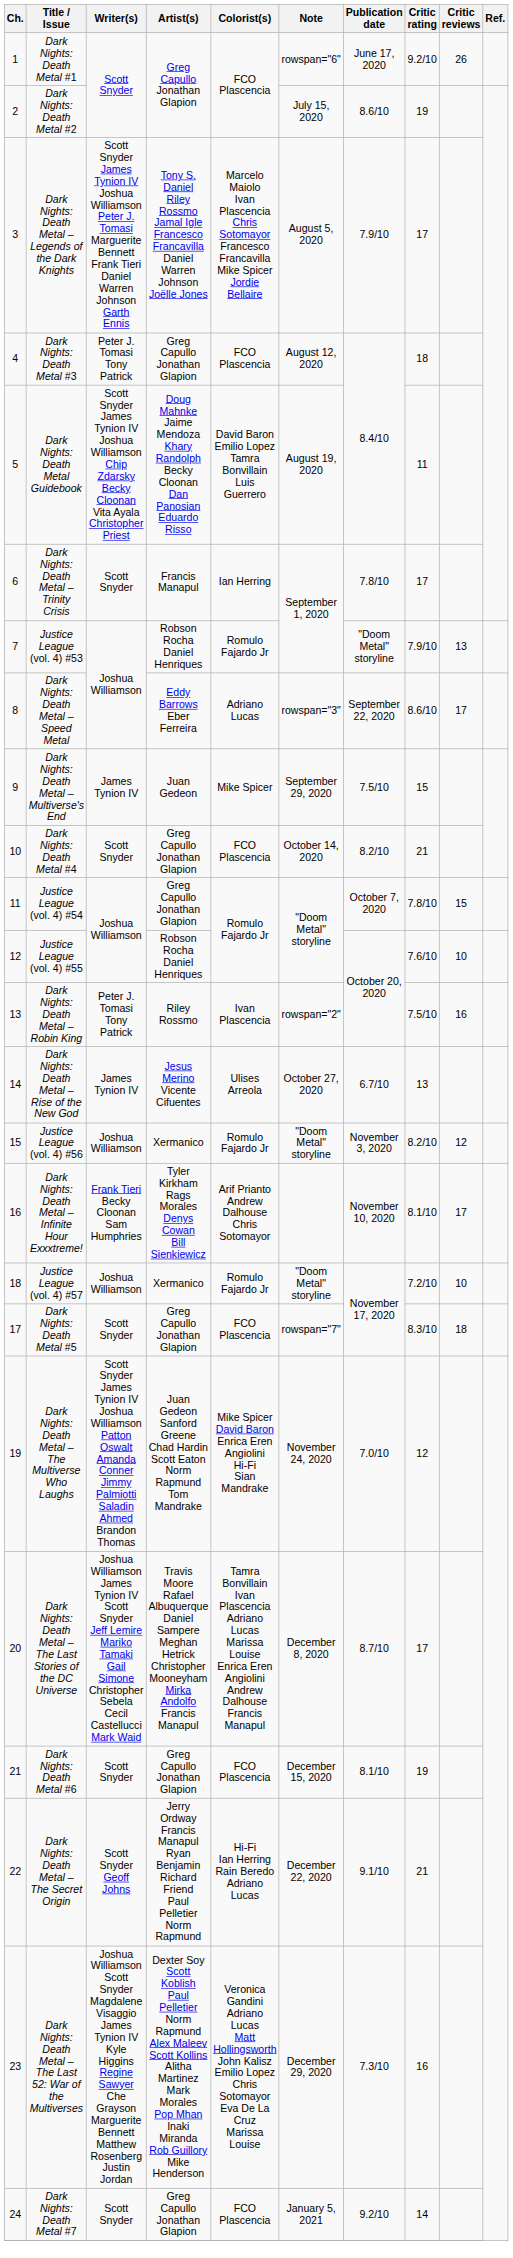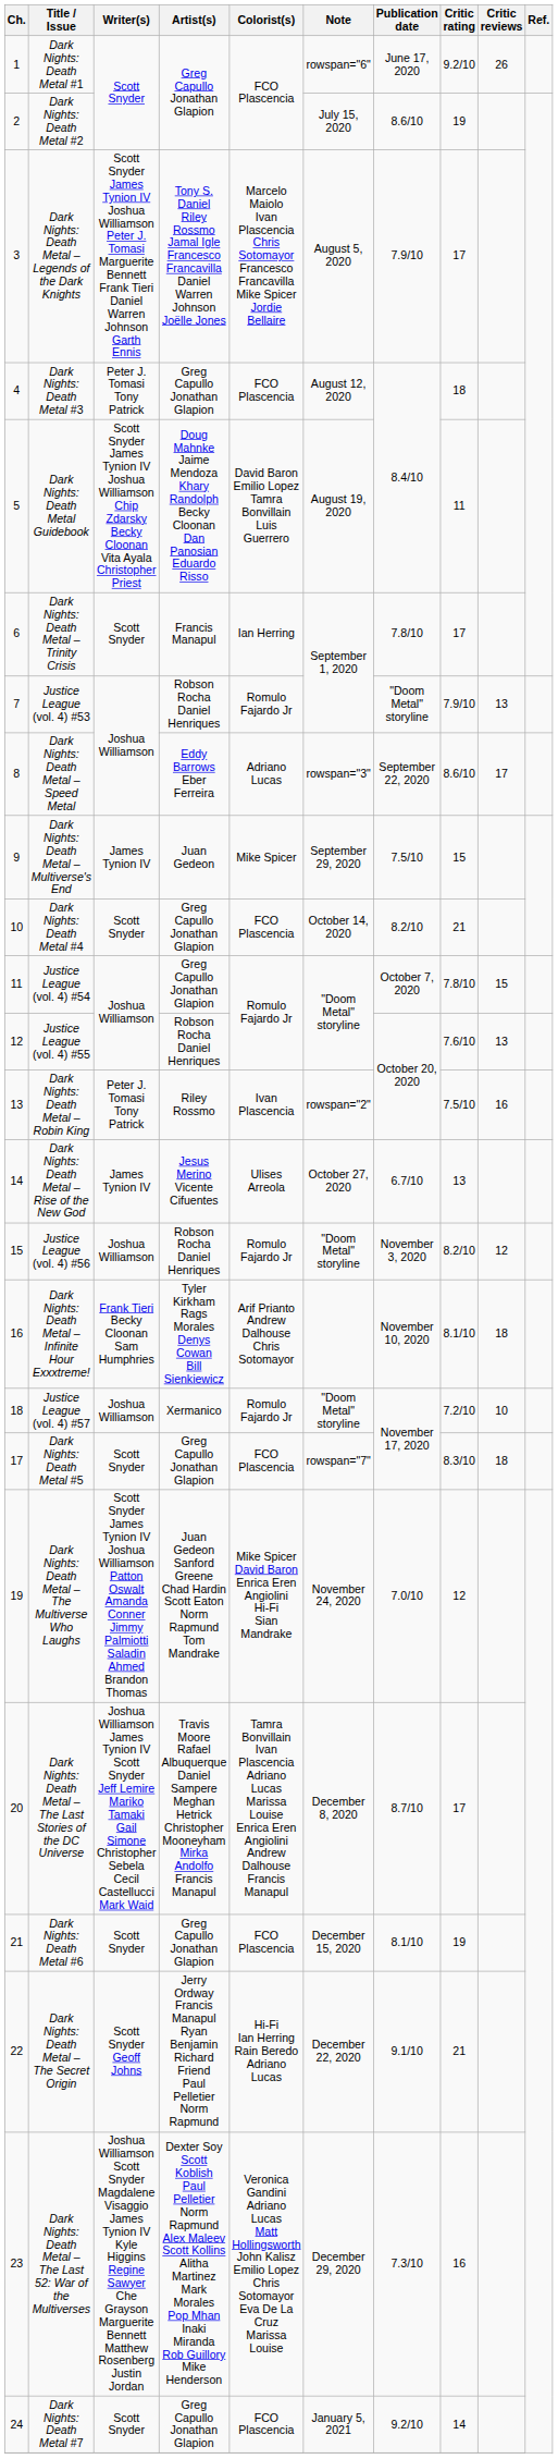 <table class="wikitable" style="text-align:center; width:100%">
 <tr>
 <th style="width:5%">Ch.</th>
 <th style="width:15%">Title / Issue</th>
 <th style="width:15%">Writer(s)</th>
 <th style="width:15%">Artist(s)</th>
 <th style="width:15%">Colorist(s)</th>
 <th style="width:10%">Note</th>
 <th style="width:10%">Publication date</th>
 <th style="width:5%">Critic rating</th>
 <th style="width:5%">Critic reviews</th>
 <th style="width:5%">Ref.</th>
 </tr>
 <tr>
 <td>1</td>
 <td><em>Dark Nights: Death Metal</em> #1</td>
 <td rowspan="2"><a href='#'>Scott Snyder</a></td>
 <td rowspan="2"><a href='#'>Greg Capullo</a><br>Jonathan Glapion</td>
 <td rowspan="2">FCO Plascencia</td>
 <td>rowspan="6" </td>
 <td>June 17, 2020</td>
 <td>9.2/10</td>
 <td>26</td>
 <td></td>
 </tr>
 <tr>
 <td>2</td>
 <td><em>Dark Nights: Death Metal</em> #2</td>
 <td>July 15, 2020</td>
 <td>8.6/10</td>
 <td>19</td>
 <td></td>
 </tr>
 <tr>
 <td>3</td>
 <td><em>Dark Nights: Death Metal – Legends of the Dark Knights</em></td>
 <td>Scott Snyder<br><a href='#'>James Tynion IV</a><br>Joshua Williamson<br><a href='#'>Peter J. Tomasi</a><br>Marguerite Bennett<br>Frank Tieri<br>Daniel Warren Johnson<br><a href='#'>Garth Ennis</a></td>
 <td><a href='#'>Tony S. Daniel</a><br><a href='#'>Riley Rossmo</a><br><a href='#'>Jamal Igle</a><br><a href='#'>Francesco Francavilla</a><br>Daniel Warren Johnson<br><a href='#'>Joëlle Jones</a></td>
 <td>Marcelo Maiolo<br>Ivan Plascencia<br><a href='#'>Chris Sotomayor</a><br>Francesco Francavilla<br>Mike Spicer<br><a href='#'>Jordie Bellaire</a></td>
 <td>August 5, 2020</td>
 <td>7.9/10</td>
 <td>17</td>
 <td></td>
 </tr>
 <tr>
 <td>4</td>
 <td><em>Dark Nights: Death Metal</em> #3</td>
 <td>Peter J. Tomasi<br>Tony Patrick</td>
 <td>Greg Capullo<br>Jonathan Glapion</td>
 <td>FCO Plascencia</td>
 <td>August 12, 2020</td>
 <td rowspan="2">8.4/10</td>
 <td>18</td>
 <td></td>
 </tr>
 <tr>
 <td>5</td>
 <td><em>Dark Nights: Death Metal Guidebook</em></td>
 <td>Scott Snyder<br>James Tynion IV<br>Joshua Williamson<br><a href='#'>Chip Zdarsky</a><br><a href='#'>Becky Cloonan</a><br>Vita Ayala<br><a href='#'>Christopher Priest</a></td>
 <td><a href='#'>Doug Mahnke</a><br>Jaime Mendoza<br><a href='#'>Khary Randolph</a><br>Becky Cloonan<br><a href='#'>Dan Panosian</a><br><a href='#'>Eduardo Risso</a></td>
 <td>David Baron<br>Emilio Lopez<br>Tamra Bonvillain<br>Luis Guerrero</td>
 <td>August 19, 2020</td>
 <td>11</td>
 <td></td>
 </tr>
 <tr>
 <td>6</td>
 <td><em>Dark Nights: Death Metal – Trinity Crisis</em></td>
 <td>Scott Snyder</td>
 <td>Francis Manapul</td>
 <td>Ian Herring</td>
 <td rowspan="2">September 1, 2020</td>
 <td>7.8/10</td>
 <td>17</td>
 <td></td>
 </tr>
 <tr>
 <td>7</td>
 <td><em>Justice League</em> (vol. 4) #53</td>
 <td rowspan="2">Joshua Williamson</td>
 <td>Robson Rocha<br>Daniel Henriques</td>
 <td>Romulo Fajardo Jr</td>
 <td>"Doom Metal" storyline</td>
 <td>7.9/10</td>
 <td>13</td>
 <td></td>
 </tr>
 <tr>
 <td>8</td>
 <td><em>Dark Nights: Death Metal – Speed Metal</em></td>
 <td><a href='#'>Eddy Barrows</a><br>Eber Ferreira</td>
 <td>Adriano Lucas</td>
 <td>rowspan="3" </td>
 <td>September 22, 2020</td>
 <td>8.6/10</td>
 <td>17</td>
 <td></td>
 </tr>
 <tr>
 <td>9</td>
 <td><em>Dark Nights: Death Metal – Multiverse's End</em></td>
 <td>James Tynion IV</td>
 <td>Juan Gedeon</td>
 <td>Mike Spicer</td>
 <td>September 29, 2020</td>
 <td>7.5/10</td>
 <td>15</td>
 <td></td>
 </tr>
 <tr>
 <td>10</td>
 <td><em>Dark Nights: Death Metal</em> #4</td>
 <td>Scott Snyder</td>
 <td>Greg Capullo<br>Jonathan Glapion</td>
 <td>FCO Plascencia</td>
 <td>October 14, 2020</td>
 <td>8.2/10</td>
 <td>21</td>
 <td></td>
 </tr>
 <tr>
 <td>11</td>
 <td><em>Justice League</em> (vol. 4)  #54</td>
 <td rowspan="2">Joshua Williamson</td>
 <td>Greg Capullo<br>Jonathan Glapion</td>
 <td rowspan="2">Romulo Fajardo Jr</td>
 <td rowspan="2">"Doom Metal" storyline</td>
 <td>October 7, 2020</td>
 <td>7.8/10</td>
 <td>15</td>
 <td></td>
 </tr>
 <tr>
 <td>12</td>
 <td><em>Justice League</em> (vol. 4) #55</td>
 <td>Robson Rocha<br>Daniel Henriques</td>
 <td rowspan="2">October 20, 2020</td>
 <td>7.6/10</td>
-<td>10</td>
+<td>13</td>
 <td></td>
 </tr>
 <tr>
 <td>13</td>
 <td><em>Dark Nights: Death Metal – Robin King</em></td>
 <td>Peter J. Tomasi<br>Tony Patrick</td>
 <td>Riley Rossmo</td>
 <td>Ivan Plascencia</td>
 <td>rowspan="2" </td>
 <td>7.5/10</td>
 <td>16</td>
 <td></td>
 </tr>
 <tr>
 <td>14</td>
 <td><em>Dark Nights: Death Metal – Rise of the New God</em></td>
 <td>James Tynion IV</td>
 <td><a href='#'>Jesus Merino</a><br>Vicente Cifuentes</td>
 <td>Ulises Arreola</td>
 <td>October 27, 2020</td>
 <td>6.7/10</td>
 <td>13</td>
 <td></td>
 </tr>
 <tr>
 <td>15</td>
 <td><em>Justice League</em> (vol. 4) #56</td>
 <td>Joshua Williamson</td>
-<td>Xermanico</td>
+<td>Robson Rocha<br>Daniel Henriques</td>
 <td>Romulo Fajardo Jr</td>
 <td>"Doom Metal" storyline</td>
 <td>November 3, 2020</td>
 <td>8.2/10</td>
 <td>12</td>
 <td></td>
 </tr>
 <tr>
 <td>16</td>
 <td><em>Dark Nights: Death Metal – Infinite Hour Exxxtreme!</em></td>
 <td><a href='#'>Frank Tieri</a><br>Becky Cloonan<br>Sam Humphries<br></td>
 <td>Tyler Kirkham<br>Rags Morales<br><a href='#'>Denys Cowan</a><br><a href='#'>Bill Sienkiewicz</a></td>
 <td>Arif Prianto<br>Andrew Dalhouse<br>Chris Sotomayor</td>
 <td></td>
 <td>November 10, 2020</td>
 <td>8.1/10</td>
-<td>17</td>
+<td>18</td>
 <td></td>
 </tr>
 <tr>
 <td>18</td>
 <td><em>Justice League</em> (vol. 4) #57</td>
 <td>Joshua Williamson</td>
 <td>Xermanico</td>
 <td>Romulo Fajardo Jr</td>
 <td>"Doom Metal" storyline</td>
 <td rowspan="2">November 17, 2020</td>
 <td>7.2/10</td>
 <td>10</td>
 <td></td>
 </tr>
 <tr>
 <td>17</td>
 <td><em>Dark Nights: Death Metal</em> #5</td>
 <td>Scott Snyder</td>
 <td>Greg Capullo<br>Jonathan Glapion</td>
 <td>FCO Plascencia</td>
 <td>rowspan="7" </td>
 <td>8.3/10</td>
 <td>18</td>
 <td></td>
 </tr>
 <tr>
 <td>19</td>
 <td><em>Dark Nights: Death Metal – The Multiverse Who Laughs</em></td>
 <td>Scott Snyder<br>James Tynion IV<br>Joshua Williamson<br><a href='#'>Patton Oswalt</a><br><a href='#'>Amanda Conner</a><br><a href='#'>Jimmy Palmiotti</a><br><a href='#'>Saladin Ahmed</a><br>Brandon Thomas</td>
 <td>Juan Gedeon<br>Sanford Greene<br>Chad Hardin<br>Scott Eaton<br>Norm Rapmund<br>Tom Mandrake</td>
 <td>Mike Spicer<br><a href='#'>David Baron</a><br>Enrica Eren Angiolini<br>Hi-Fi<br>Sian Mandrake</td>
 <td>November 24, 2020</td>
 <td>7.0/10</td>
 <td>12</td>
 <td></td>
 </tr>
 <tr>
 <td>20</td>
 <td><em>Dark Nights: Death Metal – The Last Stories of the DC Universe</em></td>
 <td>Joshua Williamson<br>James Tynion IV<br>Scott Snyder<br><a href='#'>Jeff Lemire</a><br><a href='#'>Mariko Tamaki</a><br><a href='#'>Gail Simone</a><br>Christopher Sebela<br>Cecil Castellucci<br><a href='#'>Mark Waid</a></td>
 <td>Travis Moore<br>Rafael Albuquerque<br>Daniel Sampere<br>Meghan Hetrick<br>Christopher Mooneyham<br><a href='#'>Mirka Andolfo</a><br>Francis Manapul</td>
 <td>Tamra Bonvillain<br>Ivan Plascencia<br>Adriano Lucas<br>Marissa Louise<br>Enrica Eren Angiolini<br>Andrew Dalhouse<br>Francis Manapul</td>
 <td>December 8, 2020</td>
 <td>8.7/10</td>
 <td>17</td>
 <td></td>
 </tr>
 <tr>
 <td>21</td>
 <td><em>Dark Nights: Death Metal</em> #6</td>
 <td>Scott Snyder</td>
 <td>Greg Capullo<br>Jonathan Glapion</td>
 <td>FCO Plascencia</td>
 <td>December 15, 2020</td>
 <td>8.1/10</td>
 <td>19</td>
 <td></td>
 </tr>
 <tr>
 <td>22</td>
 <td><em>Dark Nights: Death Metal – The Secret Origin</em></td>
 <td>Scott Snyder<br><a href='#'>Geoff Johns</a></td>
 <td>Jerry Ordway<br>Francis Manapul<br>Ryan Benjamin<br>Richard Friend<br>Paul Pelletier<br>Norm Rapmund</td>
 <td>Hi-Fi<br>Ian Herring<br>Rain Beredo<br>Adriano Lucas</td>
 <td>December 22, 2020</td>
 <td>9.1/10</td>
 <td>21</td>
 <td></td>
 </tr>
 <tr>
 <td>23</td>
 <td><em>Dark Nights: Death Metal – The Last 52: War of the Multiverses</em></td>
 <td>Joshua Williamson<br>Scott Snyder<br>Magdalene Visaggio<br>James Tynion IV<br>Kyle Higgins<br><a href='#'>Regine Sawyer</a><br>Che Grayson<br>Marguerite Bennett<br>Matthew Rosenberg<br>Justin Jordan</td>
 <td>Dexter Soy<br><a href='#'>Scott Koblish</a><br><a href='#'>Paul Pelletier</a><br>Norm Rapmund<br><a href='#'>Alex Maleev</a><br><a href='#'>Scott Kollins</a><br>Alitha Martinez<br>Mark Morales<br><a href='#'>Pop Mhan</a><br>Inaki Miranda<br><a href='#'>Rob Guillory</a><br>Mike Henderson</td>
 <td>Veronica Gandini<br>Adriano Lucas<br><a href='#'>Matt Hollingsworth</a><br>John Kalisz<br>Emilio Lopez<br>Chris Sotomayor<br>Eva De La Cruz<br>Marissa Louise</td>
 <td>December 29, 2020</td>
 <td>7.3/10</td>
 <td>16</td>
 <td></td>
 </tr>
 <tr>
 <td>24</td>
 <td><em>Dark Nights: Death Metal</em> #7</td>
 <td>Scott Snyder</td>
 <td>Greg Capullo<br>Jonathan Glapion</td>
 <td>FCO Plascencia</td>
 <td>January 5, 2021</td>
 <td>9.2/10</td>
 <td>14</td>
 <td></td>
 </tr>
 <tr>
 </tr>
 </table>
